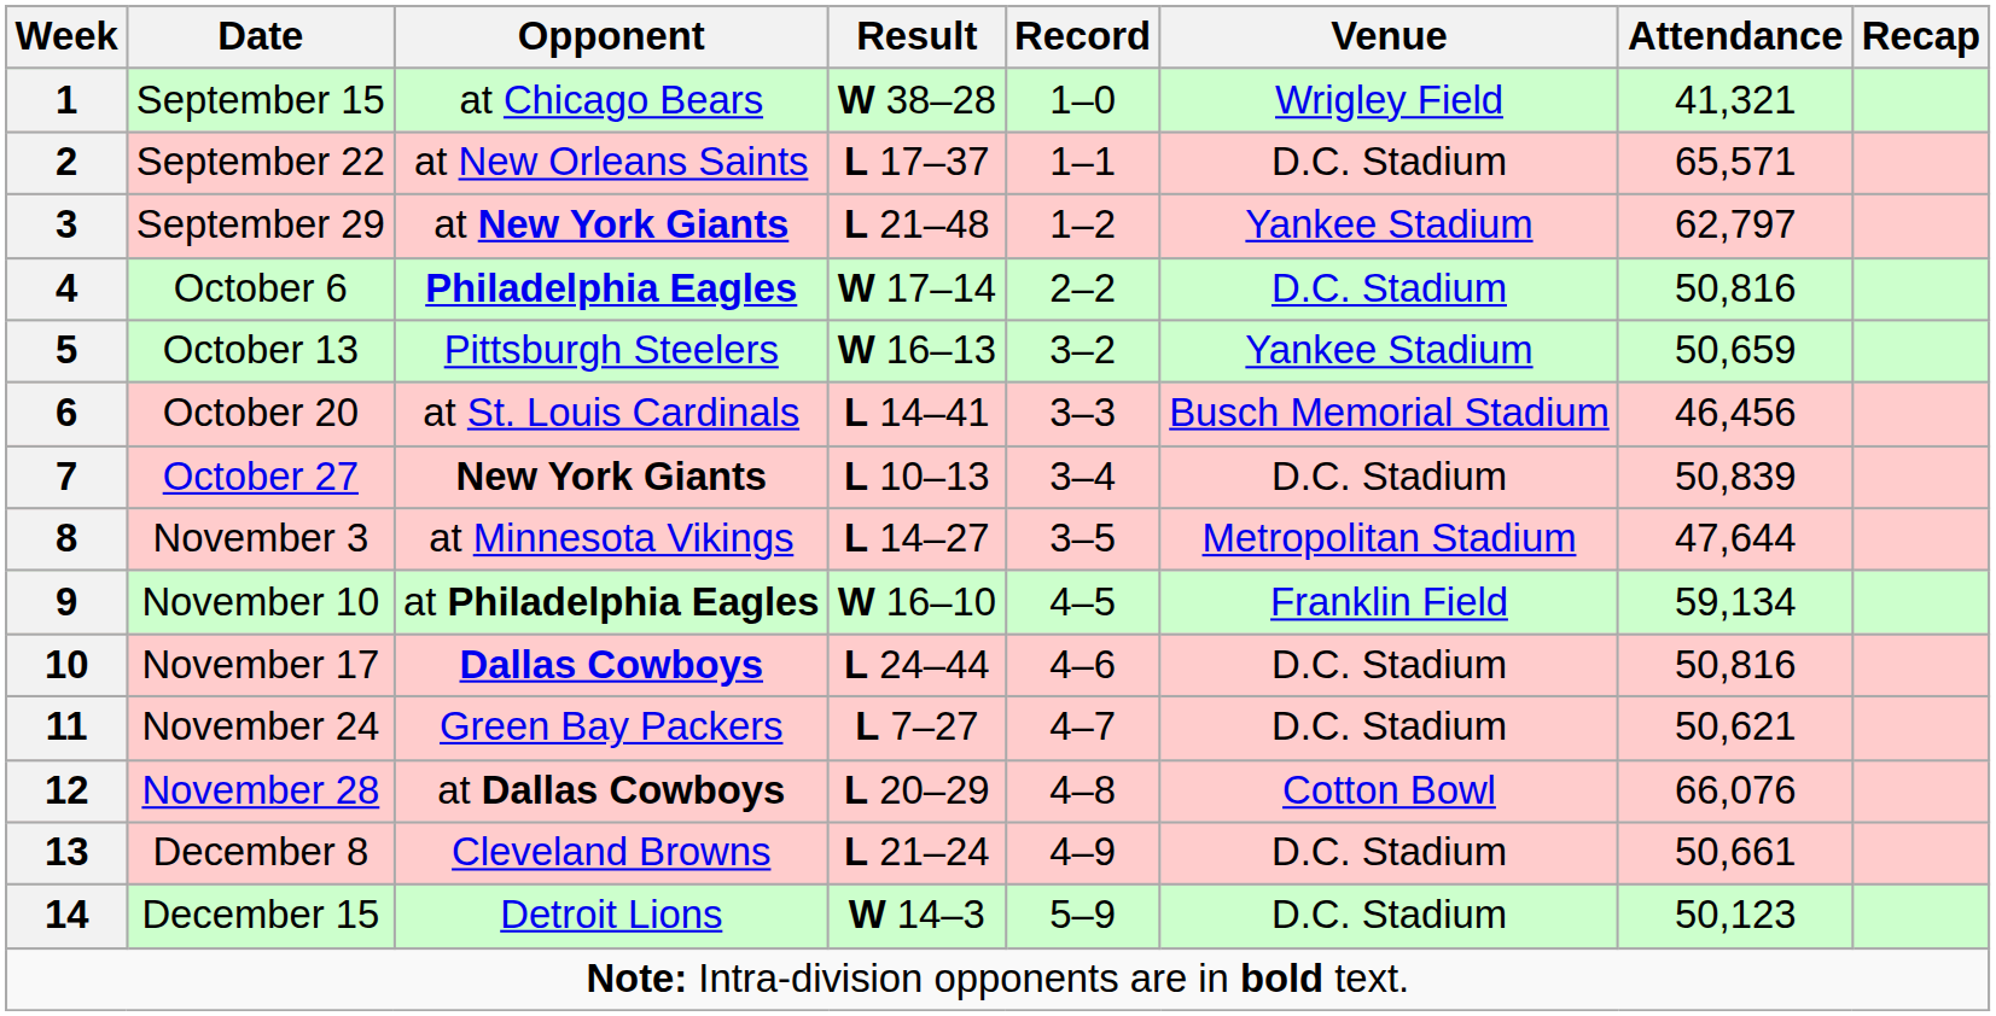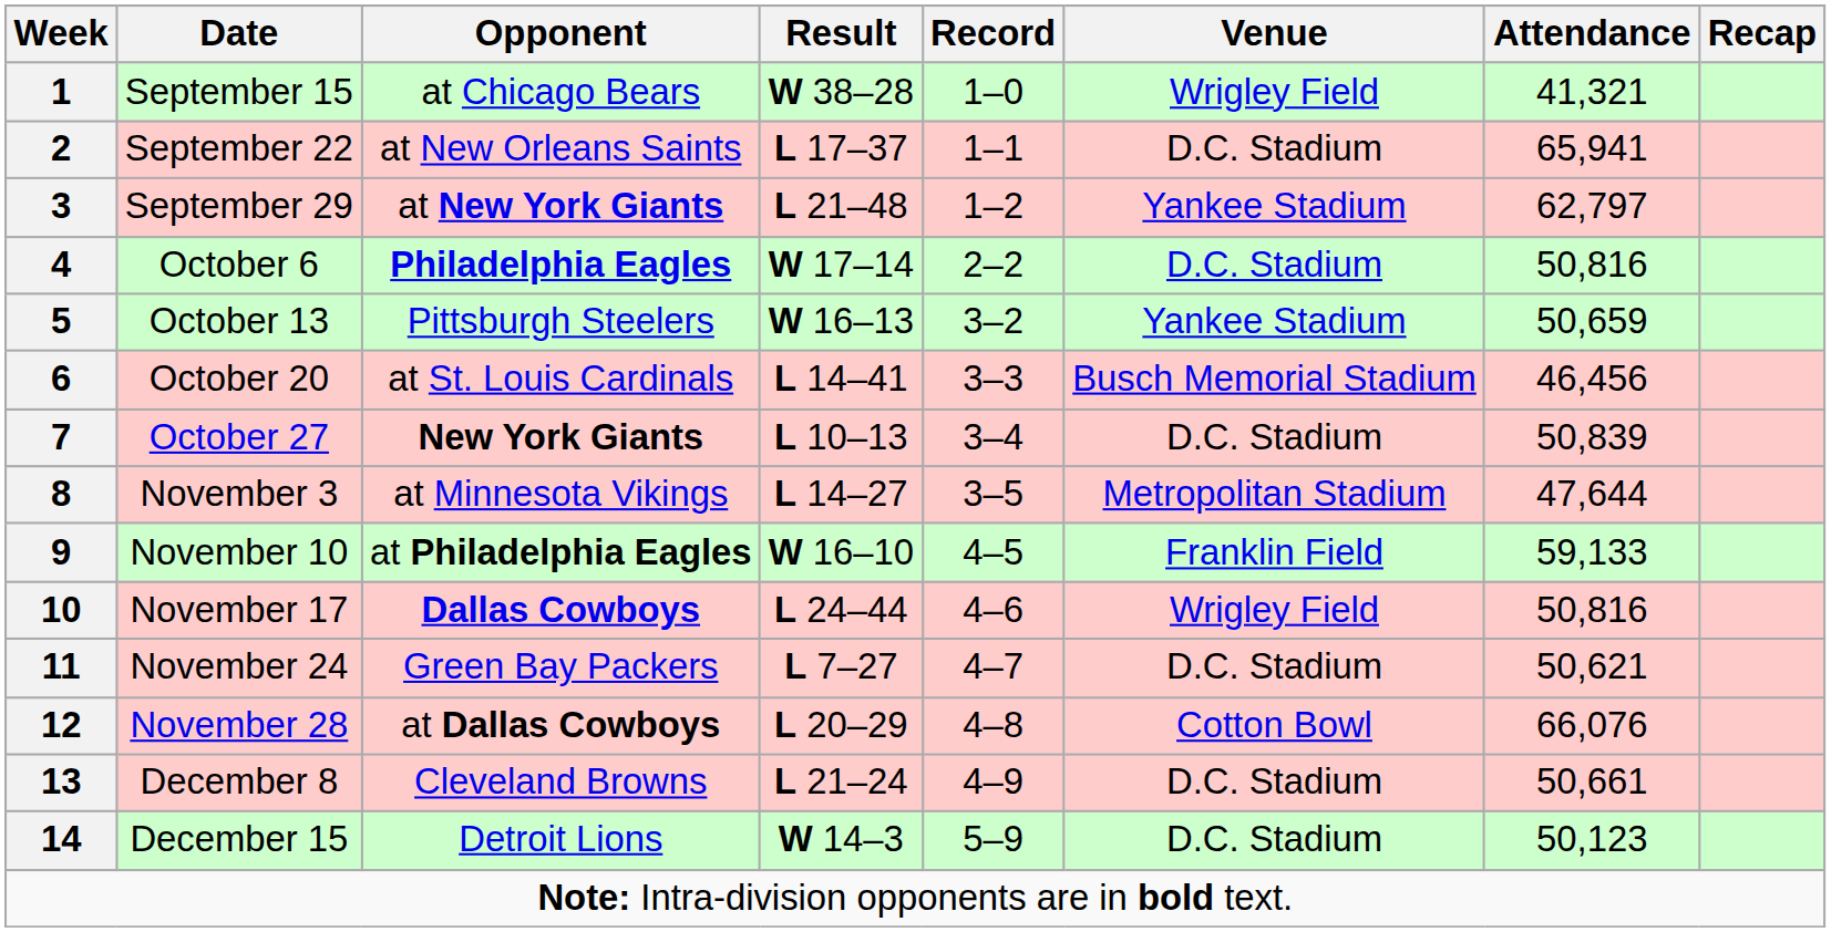 <table class="wikitable" style="text-align:center">
 <tr>
 <th>Week</th>
 <th>Date</th>
 <th>Opponent</th>
 <th>Result</th>
 <th>Record</th>
 <th>Venue</th>
 <th>Attendance</th>
 <th>Recap</th>
 </tr>
 <tr style="background:#cfc">
 <th>1</th>
 <td>September 15</td>
 <td>at <a href='#'>Chicago Bears</a></td>
 <td><strong>W</strong> 38–28</td>
 <td>1–0</td>
 <td><a href='#'>Wrigley Field</a></td>
 <td>41,321</td>
 <td></td>
 </tr>
 <tr style="background:#fcc">
 <th>2</th>
 <td>September 22</td>
 <td>at <a href='#'>New Orleans Saints</a></td>
 <td><strong>L</strong> 17–37</td>
 <td>1–1</td>
 <td>D.C. Stadium</td>
-<td>65,571</td>
+<td>65,941</td>
 <td></td>
 </tr>
 <tr style="background:#fcc">
 <th>3</th>
 <td>September 29</td>
 <td>at <strong><a href='#'>New York Giants</a></strong></td>
 <td><strong>L</strong> 21–48</td>
 <td>1–2</td>
 <td><a href='#'>Yankee Stadium</a></td>
 <td>62,797</td>
 <td></td>
 </tr>
 <tr style="background:#cfc">
 <th>4</th>
 <td>October 6</td>
 <td><strong><a href='#'>Philadelphia Eagles</a></strong></td>
 <td><strong>W</strong> 17–14</td>
 <td>2–2</td>
 <td><a href='#'>D.C. Stadium</a></td>
 <td>50,816</td>
 <td></td>
 </tr>
 <tr style="background:#cfc">
 <th>5</th>
 <td>October 13</td>
 <td><a href='#'>Pittsburgh Steelers</a></td>
 <td><strong>W</strong> 16–13</td>
 <td>3–2</td>
 <td><a href='#'>Yankee Stadium</a></td>
 <td>50,659</td>
 <td></td>
 </tr>
 <tr style="background:#fcc">
 <th>6</th>
 <td>October 20</td>
 <td>at <a href='#'>St. Louis Cardinals</a></td>
 <td><strong>L</strong> 14–41</td>
 <td>3–3</td>
 <td><a href='#'>Busch Memorial Stadium</a></td>
 <td>46,456</td>
 <td></td>
 </tr>
 <tr style="background:#fcc">
 <th>7</th>
 <td><a href='#'>October 27</a></td>
 <td><strong>New York Giants</strong></td>
 <td><strong>L</strong> 10–13</td>
 <td>3–4</td>
 <td>D.C. Stadium</td>
 <td>50,839</td>
 <td></td>
 </tr>
 <tr style="background:#fcc">
 <th>8</th>
 <td>November 3</td>
 <td>at <a href='#'>Minnesota Vikings</a></td>
 <td><strong>L</strong> 14–27</td>
 <td>3–5</td>
 <td><a href='#'>Metropolitan Stadium</a></td>
 <td>47,644</td>
 <td></td>
 </tr>
 <tr style="background:#cfc">
 <th>9</th>
 <td>November 10</td>
 <td>at <strong>Philadelphia Eagles</strong></td>
 <td><strong>W</strong> 16–10</td>
 <td>4–5</td>
 <td><a href='#'>Franklin Field</a></td>
-<td>59,134</td>
+<td>59,133</td>
 <td></td>
 </tr>
 <tr style="background:#fcc">
 <th>10</th>
 <td>November 17</td>
 <td><strong><a href='#'>Dallas Cowboys</a></strong></td>
 <td><strong>L</strong> 24–44</td>
 <td>4–6</td>
-<td>D.C. Stadium</td>
+<td><a href='#'>Wrigley Field</a></td>
 <td>50,816</td>
 <td></td>
 </tr>
 <tr style="background:#fcc">
 <th>11</th>
 <td>November 24</td>
 <td><a href='#'>Green Bay Packers</a></td>
 <td><strong>L</strong> 7–27</td>
 <td>4–7</td>
 <td>D.C. Stadium</td>
 <td>50,621</td>
 <td></td>
 </tr>
 <tr style="background:#fcc">
 <th>12</th>
 <td><a href='#'>November 28</a></td>
 <td>at <strong>Dallas Cowboys</strong></td>
 <td><strong>L</strong> 20–29</td>
 <td>4–8</td>
 <td><a href='#'>Cotton Bowl</a></td>
 <td>66,076</td>
 <td></td>
 </tr>
 <tr style="background:#fcc">
 <th>13</th>
 <td>December 8</td>
 <td><a href='#'>Cleveland Browns</a></td>
 <td><strong>L</strong> 21–24</td>
 <td>4–9</td>
 <td>D.C. Stadium</td>
 <td>50,661</td>
 <td></td>
 </tr>
 <tr style="background:#cfc">
 <th>14</th>
 <td>December 15</td>
 <td><a href='#'>Detroit Lions</a></td>
 <td><strong>W</strong> 14–3</td>
 <td>5–9</td>
 <td>D.C. Stadium</td>
 <td>50,123</td>
 <td></td>
 </tr>
 <tr>
 <td colspan="8"><strong>Note:</strong> Intra-division opponents are in <strong>bold</strong> text.</td>
 </tr>
 </table>
